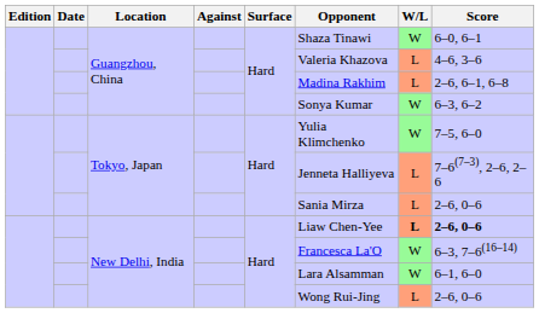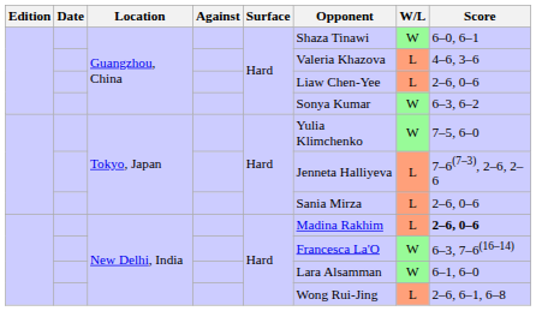 <table class=wikitable style=font-size:97%>
 <tr>
 <th>Edition</th>
 <th>Date</th>
 <th>Location</th>
 <th>Against</th>
 <th>Surface</th>
 <th>Opponent</th>
 <th>W/L</th>
 <th>Score</th>
 </tr>
 <tr style="background:#ccf;">
 <td rowspan="4"></td>
 <td></td>
 <td rowspan="4"><a href='#'>Guangzhou</a>, China</td>
 <td> </td>
 <td rowspan="4">Hard</td>
 <td> Shaza Tinawi</td>
 <td style="text-align:center; background:#98fb98;">W</td>
 <td>6–0, 6–1</td>
 </tr>
 <tr style="background:#ccf;">
 <td></td>
 <td> </td>
 <td> Valeria Khazova</td>
 <td style="text-align:center; background:#ffa07a;">L</td>
 <td>4–6, 3–6</td>
 </tr>
 <tr style="background:#ccf;">
 <td></td>
 <td> </td>
-<td> <a href='#'>Madina Rakhim</a></td>
+<td> Liaw Chen-Yee</td>
 <td style="text-align:center; background:#ffa07a;">L</td>
-<td>2–6, 6–1, 6–8</td>
+<td>2–6, 0–6</td>
 </tr>
 <tr style="background:#ccf;">
 <td></td>
 <td> </td>
 <td> Sonya Kumar</td>
 <td style="text-align:center; background:#98fb98;">W</td>
 <td>6–3, 6–2</td>
 </tr>
 <tr style="background:#ccf;">
 <td rowspan="3"></td>
 <td></td>
 <td rowspan="3"><a href='#'>Tokyo</a>, Japan</td>
 <td> </td>
 <td rowspan="3">Hard</td>
 <td> Yulia Klimchenko</td>
 <td style="text-align:center; background:#98fb98;">W</td>
 <td>7–5, 6–0</td>
 </tr>
 <tr style="background:#ccf;">
 <td></td>
 <td> </td>
 <td> Jenneta Halliyeva</td>
 <td style="text-align:center; background:#ffa07a;">L</td>
 <td>7–6<sup>(7–3)</sup>, 2–6, 2–6</td>
 </tr>
 <tr style="background:#ccf;">
 <td></td>
 <td> </td>
 <td> Sania Mirza</td>
 <td style="text-align:center; background:#ffa07a;">L</td>
 <td>2–6, 0–6</td>
 </tr>
 <tr style="background:#ccf;">
 <td rowspan="4"></td>
 <td></td>
 <td rowspan="4"><a href='#'>New Delhi</a>, India</td>
 <td> </td>
 <td rowspan="4">Hard</td>
-<td> Liaw Chen-Yee</td>
-<td style="text-align:center; background:#ffa07a;"><strong>L</strong></td>
+<td> <a href='#'>Madina Rakhim</a></td>
+<td style="text-align:center; background:#ffa07a;">L</td>
 <td><strong>2–6, 0–6</strong></td>
 </tr>
 <tr style="background:#ccf;">
 <td></td>
 <td> </td>
 <td> <a href='#'>Francesca La'O</a></td>
 <td style="text-align:center; background:#98fb98;">W</td>
 <td>6–3, 7–6<sup>(16–14)</sup></td>
 </tr>
 <tr style="background:#ccf;">
 <td></td>
 <td> </td>
 <td> Lara Alsamman</td>
 <td style="text-align:center; background:#98fb98;">W</td>
 <td>6–1, 6–0</td>
 </tr>
 <tr style="background:#ccf;">
 <td></td>
 <td> </td>
 <td> Wong Rui-Jing</td>
 <td style="text-align:center; background:#ffa07a;">L</td>
-<td>2–6, 0–6</td>
+<td>2–6, 6–1, 6–8</td>
 </tr>
 </table>
